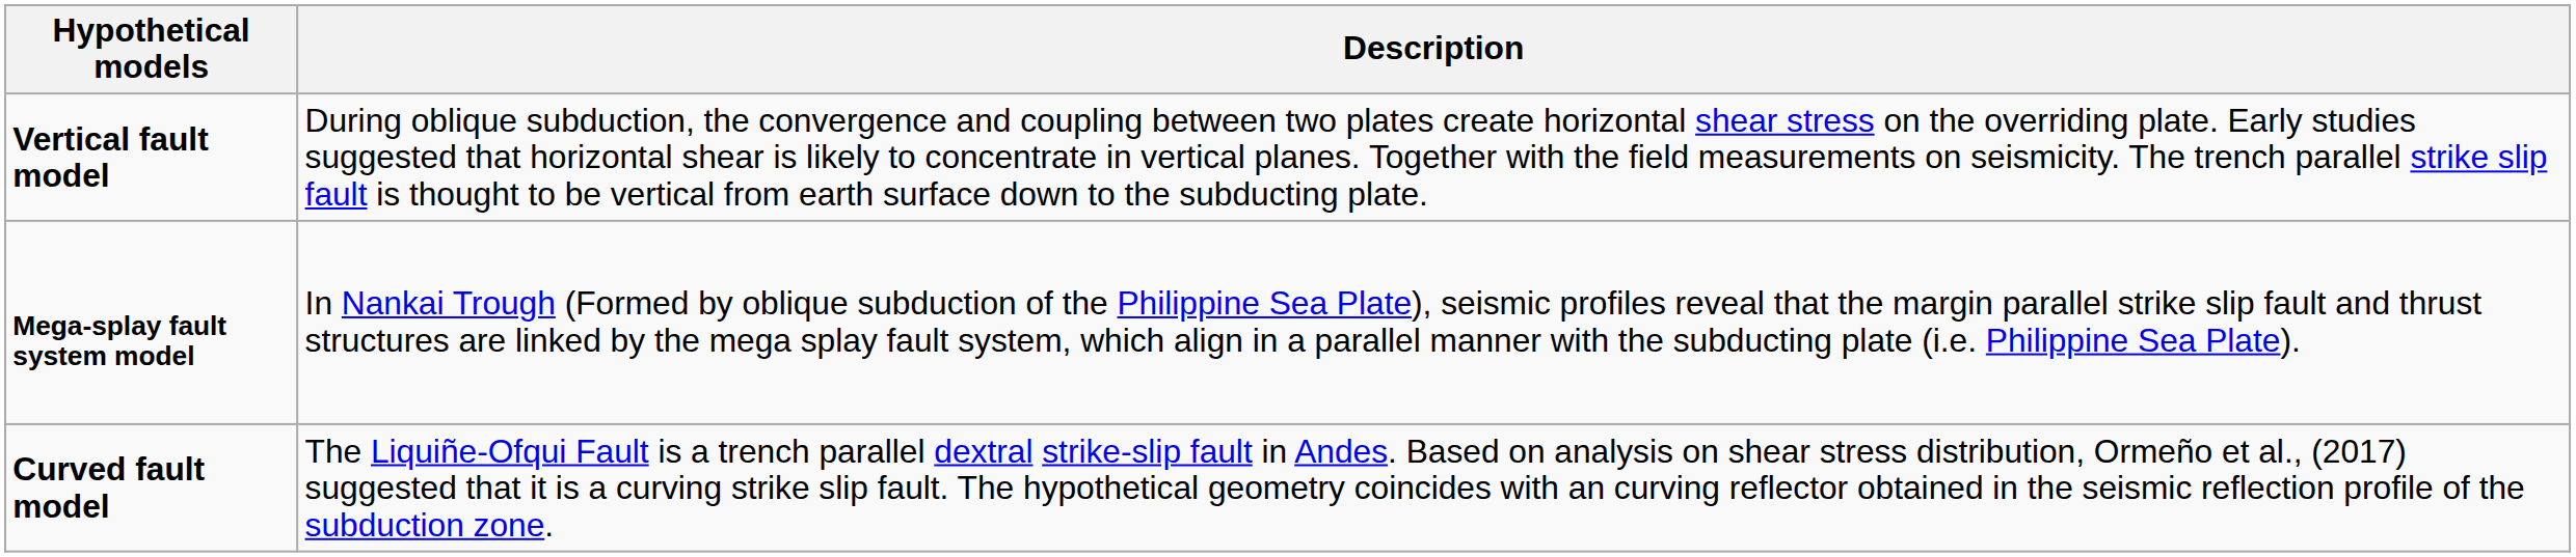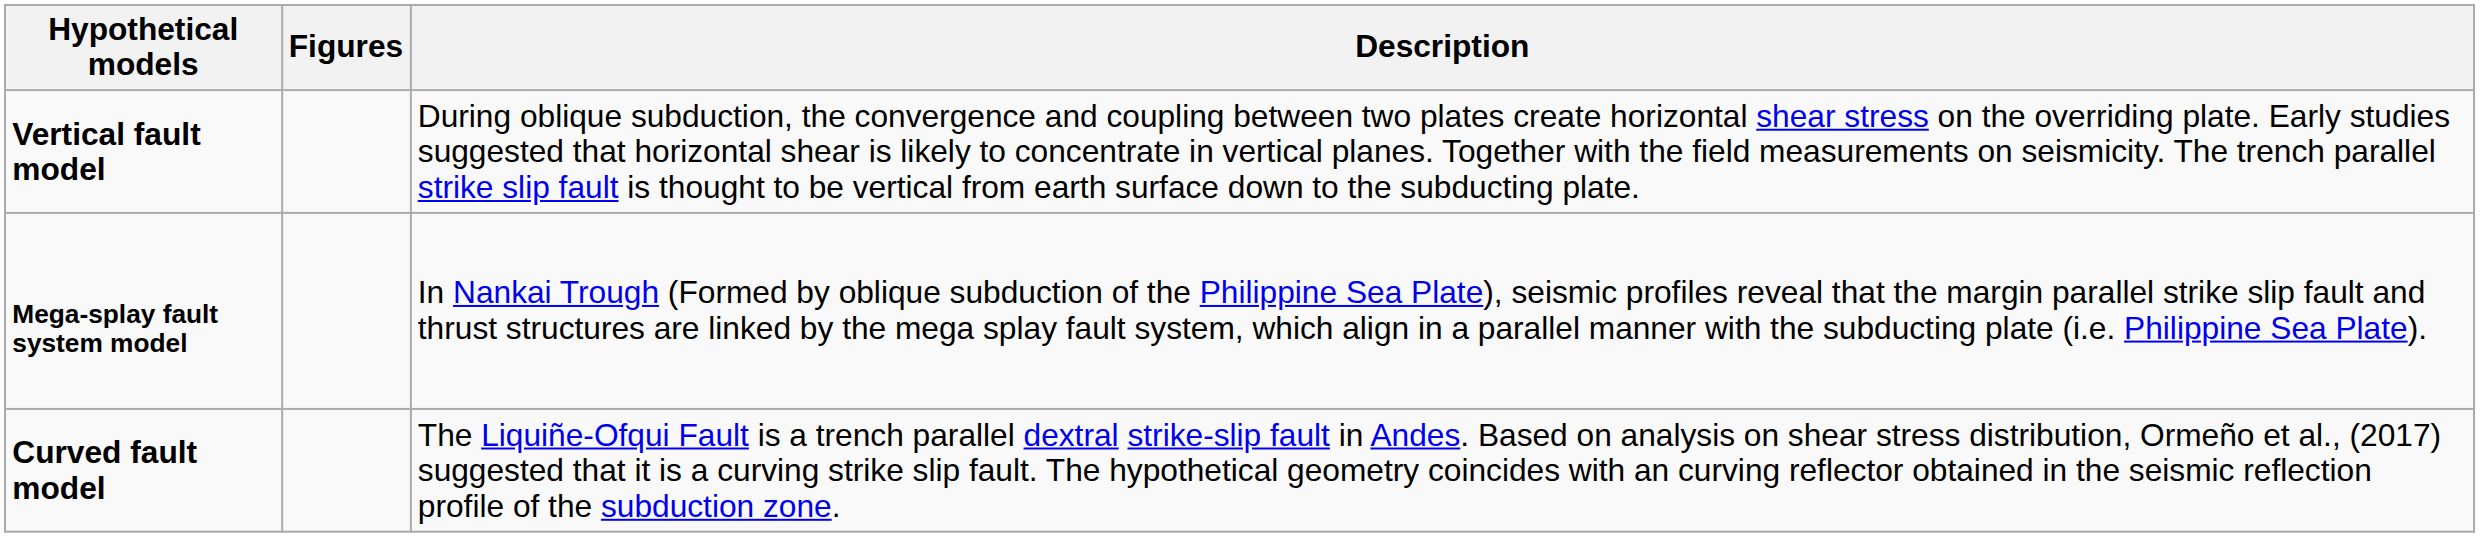 <table class="wikitable">
 <tr>
 <th>Hypothetical models</th>
+<th>Figures</th>
 <th>Description</th>
 </tr>
 <tr>
 <td><strong>Vertical fault model</strong></td>
+<td></td>
 <td>During oblique subduction, the convergence and coupling between two plates create horizontal <a href='#'>shear stress</a> on the overriding plate. Early studies suggested that horizontal shear is likely to concentrate in vertical planes. Together with the field measurements on seismicity. The trench parallel <a href='#'>strike slip fault</a> is thought to be vertical from earth surface down to the subducting plate.</td>
 </tr>
 <tr>
 <td><br><h5>Mega-splay fault system model</h5></td>
+<td></td>
 <td>In <a href='#'>Nankai Trough</a> (Formed by oblique subduction of the <a href='#'>Philippine Sea Plate</a>), seismic profiles reveal that the margin parallel strike slip fault and thrust structures are linked by the mega splay fault system, which align in a parallel manner with the subducting plate (i.e. <a href='#'>Philippine Sea Plate</a>).</td>
 </tr>
 <tr>
 <td><strong>Curved fault model</strong></td>
+<td></td>
 <td>The <a href='#'>Liquiñe-Ofqui Fault</a> is a trench parallel <a href='#'>dextral</a> <a href='#'>strike-slip fault</a> in <a href='#'>Andes</a>. Based on analysis on shear stress distribution, Ormeño et al., (2017) suggested that it is a curving strike slip fault. The hypothetical geometry coincides with an curving reflector obtained in the seismic reflection profile of the <a href='#'>subduction zone</a>.</td>
 </tr>
 </table>
